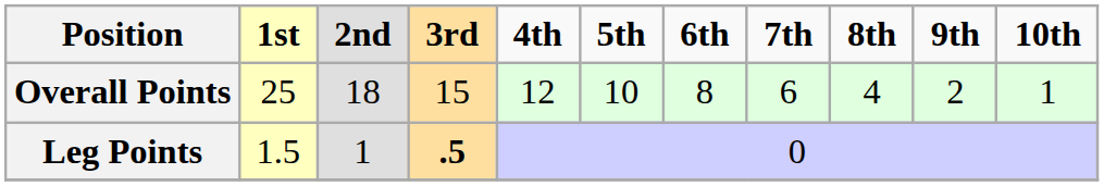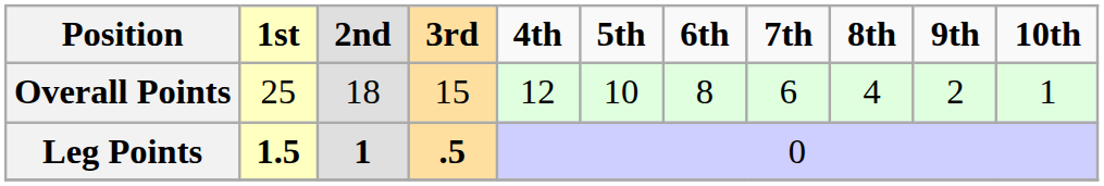 <table class="wikitable" style="font-size:85%; text-align:center">
 <tr>
 <th>Position</th>
 <td style="background:#ffffbf;"> <strong>1st</strong> </td>
 <td style="background:#dfdfdf;"> <strong>2nd</strong> </td>
 <td style="background:#ffdf9f;"> <strong>3rd</strong> </td>
 <td> <strong>4th</strong> </td>
 <td> <strong>5th</strong> </td>
 <td> <strong>6th</strong> </td>
 <td> <strong>7th</strong> </td>
 <td> <strong>8th</strong> </td>
 <td> <strong>9th</strong> </td>
 <td> <strong>10th</strong> </td>
 </tr>
 <tr>
 <th>Overall Points</th>
 <td style="background:#ffffbf;">25</td>
 <td style="background:#dfdfdf;">18</td>
 <td style="background:#ffdf9f;">15</td>
 <td style="background:#dfffdf;">12</td>
 <td style="background:#dfffdf;">10</td>
 <td style="background:#dfffdf;">8</td>
 <td style="background:#dfffdf;">6</td>
 <td style="background:#dfffdf;">4</td>
 <td style="background:#dfffdf;">2</td>
 <td style="background:#dfffdf;">1</td>
 </tr>
 <tr>
 <th>Leg Points</th>
-<td style="background:#ffffbf;">1.5</td>
-<td style="background:#dfdfdf;">1</td>
+<td style="background:#ffffbf;"><strong>1.5</strong></td>
+<td style="background:#dfdfdf;"><strong>1</strong></td>
 <td style="background:#ffdf9f;"><strong>.5</strong></td>
 <td style="background:#cfcfff;" colspan=7>0</td>
 </tr>
 <tr>
 </tr>
 </table>
